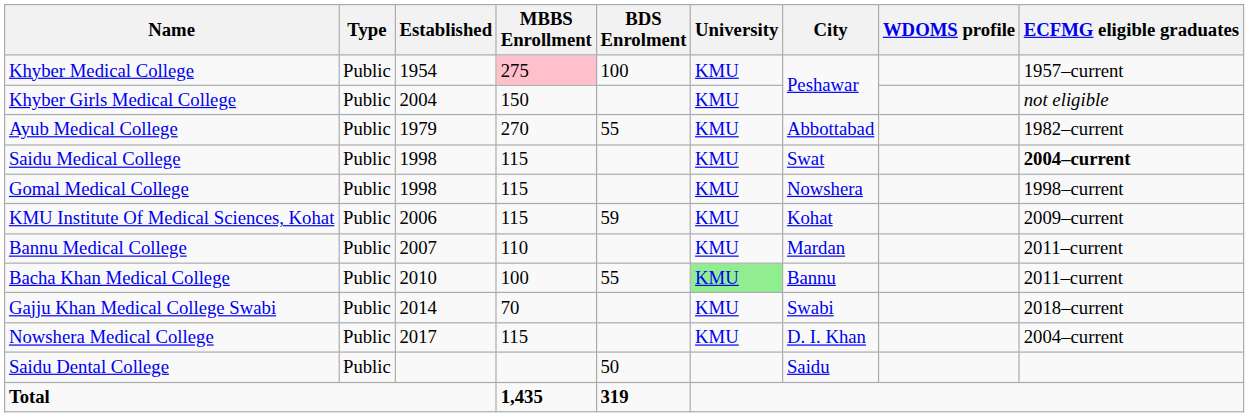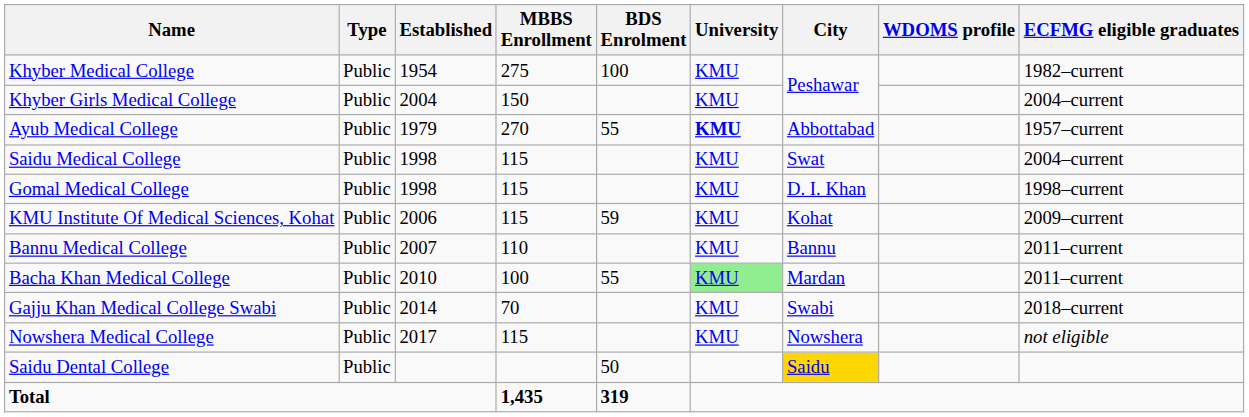 <table class="wikitable sortable static-row-numbers static-row-header-hash">
 <tr>
 <th>Name</th>
 <th>Type</th>
 <th>Established</th>
 <th>MBBS<br>Enrollment</th>
 <th>BDS<br>Enrolment</th>
 <th>University</th>
 <th>City</th>
 <th><a href='#'>WDOMS</a> profile</th>
 <th><a href='#'>ECFMG</a> eligible graduates</th>
 </tr>
 <tr>
 <td><a href='#'>Khyber Medical College</a></td>
 <td>Public</td>
 <td>1954</td>
-<td style="background: pink;">275</td>
+<td>275</td>
 <td>100</td>
 <td><a href='#'>KMU</a></td>
 <td rowspan="2"><a href='#'>Peshawar</a></td>
 <td></td>
-<td>1957–current</td>
+<td>1982–current</td>
 </tr>
 <tr>
 <td><a href='#'>Khyber Girls Medical College</a></td>
 <td>Public</td>
 <td>2004</td>
 <td>150</td>
 <td></td>
 <td><a href='#'>KMU</a></td>
 <td></td>
-<td><em>not eligible</em></td>
+<td>2004–current</td>
 </tr>
 <tr>
 <td><a href='#'>Ayub Medical College</a></td>
 <td>Public</td>
 <td>1979</td>
 <td>270</td>
 <td>55</td>
-<td><a href='#'>KMU</a></td>
+<td><strong><a href='#'>KMU</a></strong></td>
 <td><a href='#'>Abbottabad</a></td>
 <td></td>
-<td>1982–current</td>
+<td>1957–current</td>
 </tr>
 <tr>
 <td><a href='#'>Saidu Medical College</a></td>
 <td>Public</td>
 <td>1998</td>
 <td>115</td>
 <td></td>
 <td><a href='#'>KMU</a></td>
 <td><a href='#'>Swat</a></td>
 <td></td>
-<td><strong>2004–current</strong></td>
+<td>2004–current</td>
 </tr>
 <tr>
 <td><a href='#'>Gomal Medical College</a></td>
 <td>Public</td>
 <td>1998</td>
 <td>115</td>
 <td></td>
 <td><a href='#'>KMU</a></td>
-<td><a href='#'>Nowshera</a></td>
+<td><a href='#'>D. I. Khan</a></td>
 <td></td>
 <td>1998–current</td>
 </tr>
 <tr>
 <td><a href='#'>KMU Institute Of Medical Sciences, Kohat</a></td>
 <td>Public</td>
 <td>2006</td>
 <td>115</td>
 <td>59</td>
 <td><a href='#'>KMU</a></td>
 <td><a href='#'>Kohat</a></td>
 <td></td>
 <td>2009–current</td>
 </tr>
 <tr>
 <td><a href='#'>Bannu Medical College</a></td>
 <td>Public</td>
 <td>2007</td>
 <td>110</td>
 <td></td>
 <td><a href='#'>KMU</a></td>
-<td><a href='#'>Mardan</a></td>
+<td><a href='#'>Bannu</a></td>
 <td></td>
 <td>2011–current</td>
 </tr>
 <tr>
 <td><a href='#'>Bacha Khan Medical College</a></td>
 <td>Public</td>
 <td>2010</td>
 <td>100</td>
 <td>55</td>
 <td style="background: lightgreen;"><a href='#'>KMU</a></td>
-<td><a href='#'>Bannu</a></td>
+<td><a href='#'>Mardan</a></td>
 <td></td>
 <td>2011–current</td>
 </tr>
 <tr>
 <td><a href='#'>Gajju Khan Medical College Swabi</a></td>
 <td>Public</td>
 <td>2014</td>
 <td>70</td>
 <td></td>
 <td><a href='#'>KMU</a></td>
 <td><a href='#'>Swabi</a></td>
 <td></td>
 <td>2018–current</td>
 </tr>
 <tr>
 <td><a href='#'>Nowshera Medical College</a></td>
 <td>Public</td>
 <td>2017</td>
 <td>115</td>
 <td></td>
 <td><a href='#'>KMU</a></td>
-<td><a href='#'>D. I. Khan</a></td>
+<td><a href='#'>Nowshera</a></td>
 <td></td>
-<td>2004–current</td>
+<td><em>not eligible</em></td>
 </tr>
 <tr>
 <td><a href='#'>Saidu Dental College</a></td>
 <td>Public</td>
 <td></td>
 <td></td>
 <td>50</td>
 <td></td>
-<td><a href='#'>Saidu</a></td>
+<td style="background: gold;"><a href='#'>Saidu</a></td>
 <td></td>
 <td></td>
 </tr>
 <tr>
 <td colspan="3"><strong>Total</strong></td>
 <td><strong>1,435</strong></td>
 <td><strong>319</strong></td>
 <td colspan="4"></td>
 </tr>
 </table>
